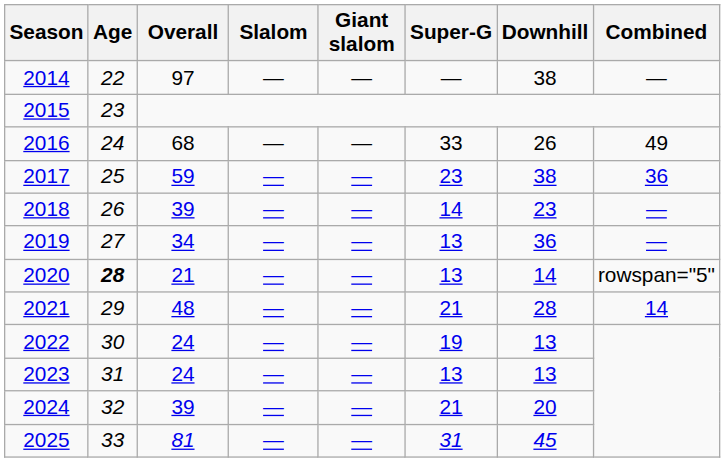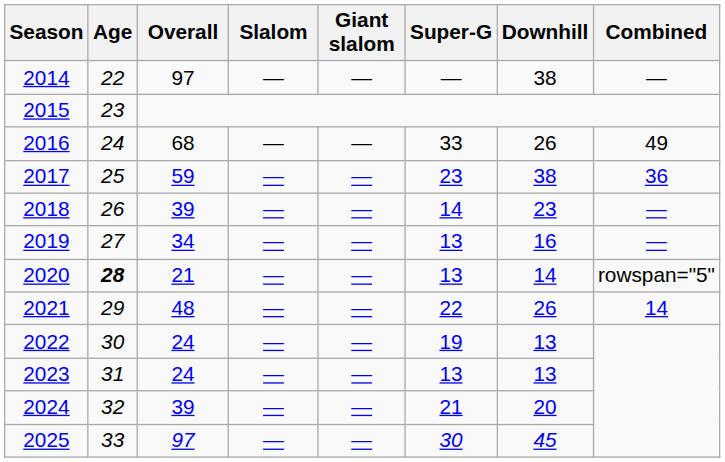 <table class=wikitable style="text-align:center">
 <tr>
 <th>Season</th>
 <th>Age</th>
 <th> Overall </th>
 <th> Slalom </th>
 <th>Giant<br> slalom </th>
 <th>Super-G</th>
 <th>Downhill</th>
 <th>Combined</th>
 </tr>
 <tr>
 <td><a href='#'>2014</a></td>
 <td><em>22</em></td>
 <td>97</td>
 <td>—</td>
 <td>—</td>
 <td>—</td>
 <td>38</td>
 <td>—</td>
 </tr>
 <tr>
 <td><a href='#'>2015</a></td>
 <td><em>23</em></td>
 <td colspan=6><em></em></td>
 </tr>
 <tr>
 <td><a href='#'>2016</a></td>
 <td><em>24</em></td>
 <td>68</td>
 <td>—</td>
 <td>—</td>
 <td>33</td>
 <td>26</td>
 <td>49</td>
 </tr>
 <tr>
 <td><a href='#'>2017</a></td>
 <td><em>25</em></td>
 <td><a href='#'>59</a></td>
 <td><a href='#'>—</a></td>
 <td><a href='#'>—</a></td>
 <td><a href='#'>23</a></td>
 <td><a href='#'>38</a></td>
 <td><a href='#'>36</a></td>
 </tr>
 <tr>
 <td><a href='#'>2018</a></td>
 <td><em>26</em></td>
 <td><a href='#'>39</a></td>
 <td><a href='#'>—</a></td>
 <td><a href='#'>—</a></td>
 <td><a href='#'>14</a></td>
 <td><a href='#'>23</a></td>
 <td><a href='#'>—</a></td>
 </tr>
 <tr>
 <td><a href='#'>2019</a></td>
 <td><em>27</em></td>
 <td><a href='#'>34</a></td>
 <td><a href='#'>—</a></td>
 <td><a href='#'>—</a></td>
 <td><a href='#'>13</a></td>
-<td><a href='#'>36</a></td>
+<td><a href='#'>16</a></td>
 <td><a href='#'>—</a></td>
 </tr>
 <tr>
 <td><a href='#'>2020</a></td>
 <td><strong><em>28</em></strong></td>
 <td><a href='#'>21</a></td>
 <td><a href='#'>—</a></td>
 <td><a href='#'>—</a></td>
 <td><a href='#'>13</a></td>
 <td><a href='#'>14</a></td>
 <td>rowspan="5" </td>
 </tr>
 <tr>
 <td><a href='#'>2021</a></td>
 <td><em>29</em></td>
 <td><a href='#'>48</a></td>
 <td><a href='#'>—</a></td>
 <td><a href='#'>—</a></td>
-<td><a href='#'>21</a></td>
-<td><a href='#'>28</a></td>
+<td><a href='#'>22</a></td>
+<td><a href='#'>26</a></td>
 <td><a href='#'>14</a></td>
 </tr>
 <tr>
 <td><a href='#'>2022</a></td>
 <td><em>30</em></td>
 <td><a href='#'>24</a></td>
 <td><a href='#'>—</a></td>
 <td><a href='#'>—</a></td>
 <td><a href='#'>19</a></td>
 <td><a href='#'>13</a></td>
 </tr>
 <tr>
 <td><a href='#'>2023</a></td>
 <td><em>31</em></td>
 <td><a href='#'>24</a></td>
 <td><a href='#'>—</a></td>
 <td><a href='#'>—</a></td>
 <td><a href='#'>13</a></td>
 <td><a href='#'>13</a></td>
 </tr>
 <tr>
 <td><a href='#'>2024</a></td>
 <td><em>32</em></td>
 <td><a href='#'>39</a></td>
 <td><a href='#'>—</a></td>
 <td><a href='#'>—</a></td>
 <td><a href='#'>21</a></td>
 <td><a href='#'>20</a></td>
 </tr>
 <tr>
 <td><a href='#'>2025</a></td>
 <td><em>33</em></td>
-<td><a href='#'><em>81</em></a></td>
+<td><a href='#'><em>97</em></a></td>
 <td><a href='#'>—</a></td>
 <td><a href='#'>—</a></td>
-<td><a href='#'><em>31</em></a></td>
+<td><a href='#'><em>30</em></a></td>
 <td><a href='#'><em>45</em></a></td>
 </tr>
 </table>
